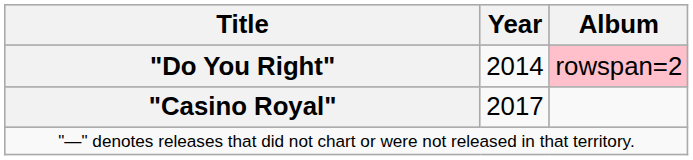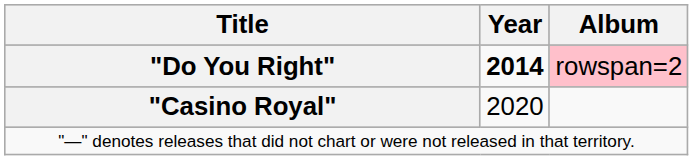 <table class="wikitable plainrowheaders" style="text-align:center;" border="1">
 <tr>
 <th scope="col" style="width:18em;">Title</th>
 <th scope="col">Year</th>
 <th scope="col">Album</th>
 </tr>
 <tr>
 <th scope="row">"Do You Right"<br></th>
-<td>2014</td>
+<td><strong>2014</strong></td>
 <td style="background: pink;">rowspan=2 </td>
 </tr>
 <tr>
 <th scope="row">"Casino Royal"<br></th>
-<td>2017</td>
+<td>2020</td>
 </tr>
 <tr>
 <td align="center" colspan="15" style="font-size:8pt">"—" denotes releases that did not chart or were not released in that territory.</td>
 </tr>
 </table>
